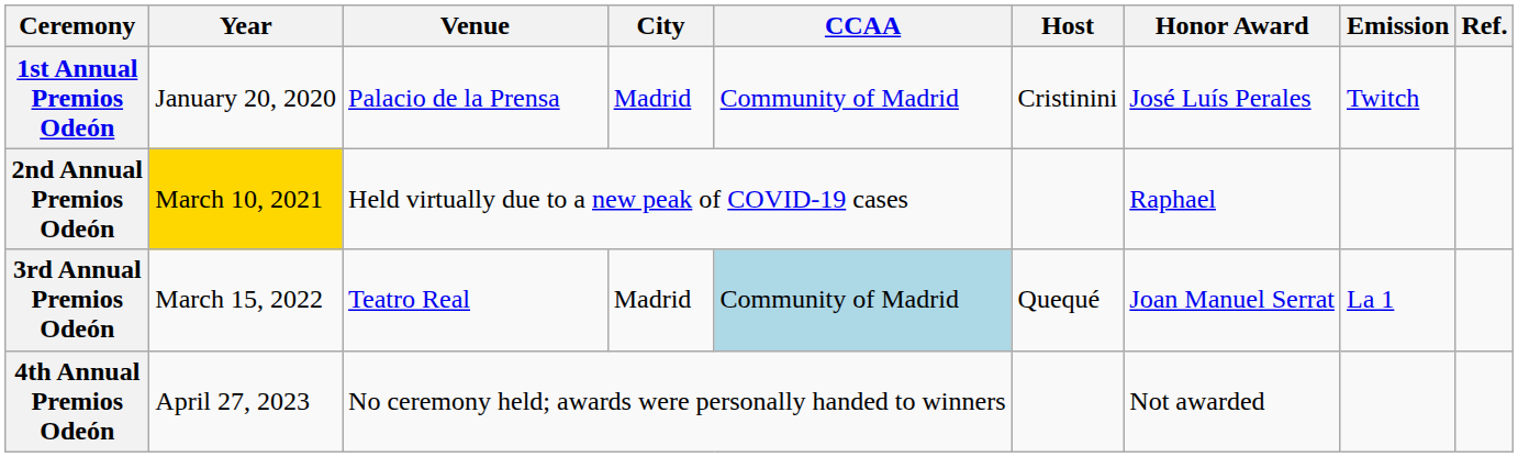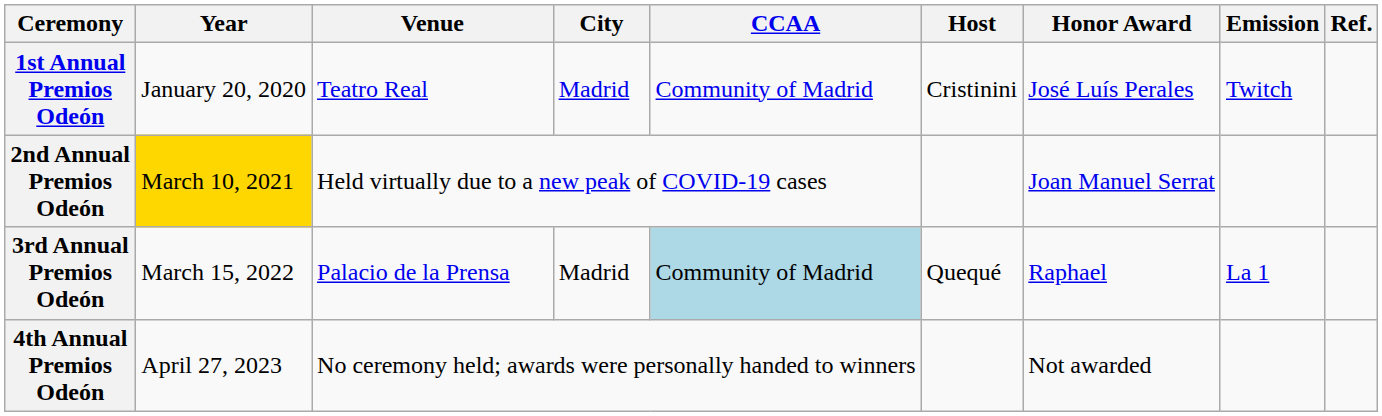 <table class="wikitable sortable">
 <tr>
 <th scope="col" style="width:5em;">Ceremony</th>
 <th scope="col">Year</th>
 <th scope="col">Venue</th>
 <th scope="col">City</th>
 <th scope="col"><a href='#'>CCAA</a></th>
 <th scope="col" class="unsortable">Host</th>
 <th>Honor Award</th>
 <th>Emission</th>
 <th scope="col" class="unsortable">Ref.</th>
 </tr>
 <tr>
 <th scope="row"><a href='#'>1st Annual Premios Odeón</a></th>
 <td>January 20, 2020</td>
-<td><a href='#'>Palacio de la Prensa</a></td>
+<td><a href='#'>Teatro Real</a></td>
 <td><a href='#'>Madrid</a></td>
 <td><a href='#'>Community of Madrid</a></td>
 <td>Cristinini</td>
 <td><a href='#'>José Luís Perales</a></td>
 <td><a href='#'>Twitch</a></td>
 <td></td>
 </tr>
 <tr>
 <th scope="row">2nd Annual Premios Odeón</th>
 <td style="background: gold;">March 10, 2021</td>
 <td colspan="3">Held virtually due to a <a href='#'>new peak</a> of <a href='#'>COVID-19</a> cases</td>
 <td></td>
-<td><a href='#'>Raphael</a></td>
+<td><a href='#'>Joan Manuel Serrat</a></td>
 <td></td>
 <td></td>
 </tr>
 <tr>
 <th>3rd Annual Premios Odeón</th>
 <td>March 15, 2022</td>
-<td><a href='#'>Teatro Real</a></td>
+<td><a href='#'>Palacio de la Prensa</a></td>
 <td>Madrid</td>
 <td style="background: lightblue;">Community of Madrid</td>
 <td>Quequé</td>
-<td><a href='#'>Joan Manuel Serrat</a></td>
+<td><a href='#'>Raphael</a></td>
 <td><a href='#'>La 1</a></td>
 <td></td>
 </tr>
 <tr>
 <th>4th Annual Premios Odeón</th>
 <td>April 27, 2023</td>
 <td colspan=3>No ceremony held; awards were personally handed to winners</td>
 <td></td>
 <td>Not awarded</td>
 <td></td>
 <td></td>
 </tr>
 </table>
